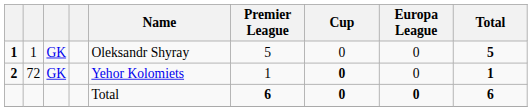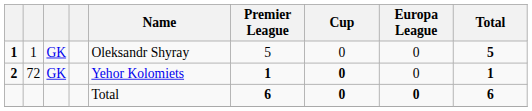 <table class="wikitable" style="text-align:center">
 <tr>
 <th width=15></th>
 <th width=15></th>
 <th width=15></th>
 <th width=15></th>
 <th width=160>Name</th>
 <th width=80><strong>Premier League</strong></th>
 <th width=80><strong>Cup</strong></th>
 <th width=80><strong>Europa League</strong></th>
 <th width=80>Total</th>
 </tr>
 <tr>
 <td><strong>1</strong></td>
 <td>1</td>
 <td><a href='#'>GK</a></td>
 <td></td>
 <td align=left>Oleksandr Shyray</td>
 <td>5</td>
 <td>0</td>
 <td>0</td>
 <td><strong>5</strong></td>
 </tr>
 <tr>
 <td><strong>2</strong></td>
 <td>72</td>
 <td><a href='#'>GK</a></td>
 <td></td>
 <td align=left><a href='#'>Yehor Kolomiets</a></td>
-<td>1</td>
+<td><strong>1</strong></td>
 <td><strong>0</strong></td>
 <td>0</td>
 <td><strong>1</strong></td>
 </tr>
 <tr>
 <td></td>
 <td></td>
 <td></td>
 <td></td>
 <td align=left>Total</td>
 <td><strong>6</strong></td>
 <td><strong>0</strong></td>
 <td><strong>0</strong></td>
 <td><strong>6</strong></td>
 </tr>
 <tr>
 </tr>
 </table>
